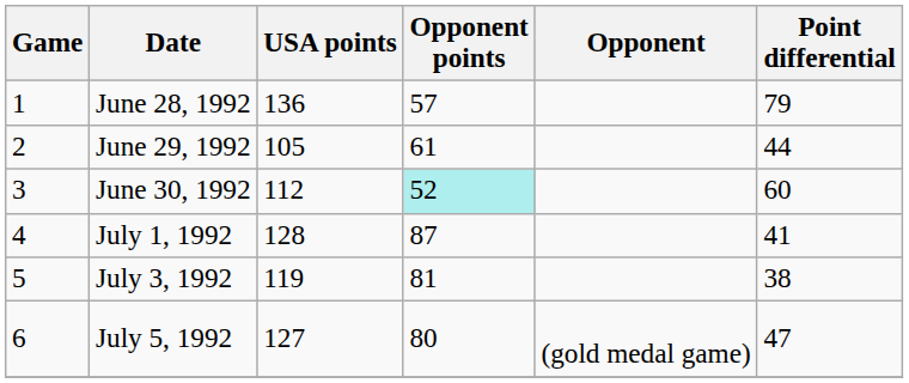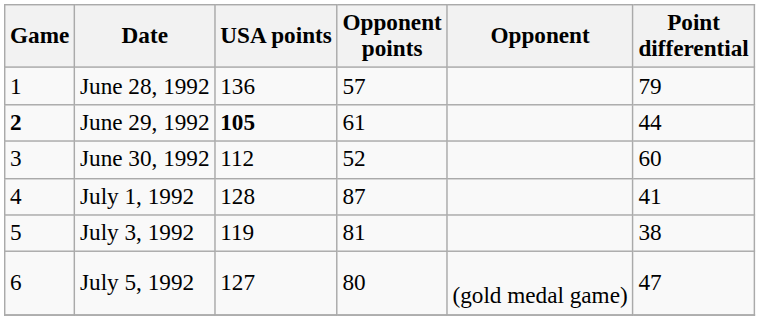 <table class="wikitable sortable">
 <tr>
 <th>Game</th>
 <th>Date</th>
 <th>USA points</th>
 <th>Opponent <br> points</th>
 <th>Opponent</th>
 <th>Point <br> differential</th>
 </tr>
 <tr>
 <td>1</td>
 <td>June 28, 1992</td>
 <td>136</td>
 <td>57</td>
 <td></td>
 <td>79</td>
 </tr>
 <tr>
-<td>2</td>
+<td><strong>2</strong></td>
 <td>June 29, 1992</td>
-<td>105</td>
+<td><strong>105</strong></td>
 <td>61</td>
 <td></td>
 <td>44</td>
 </tr>
 <tr>
 <td>3</td>
 <td>June 30, 1992</td>
 <td>112</td>
-<td style="background: paleturquoise;">52</td>
+<td>52</td>
 <td></td>
 <td>60</td>
 </tr>
 <tr>
 <td>4</td>
 <td>July 1, 1992</td>
 <td>128</td>
 <td>87</td>
 <td></td>
 <td>41</td>
 </tr>
 <tr>
 <td>5</td>
 <td>July 3, 1992</td>
 <td>119</td>
 <td>81</td>
 <td></td>
 <td>38</td>
 </tr>
 <tr>
 <td>6</td>
 <td>July 5, 1992</td>
 <td>127</td>
 <td>80</td>
 <td><br>(gold medal game)</td>
 <td>47</td>
 </tr>
 <tr>
 </tr>
 </table>
